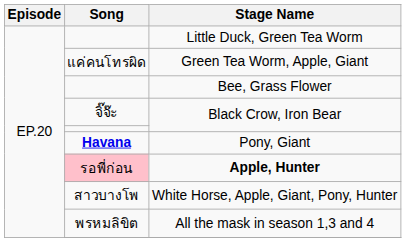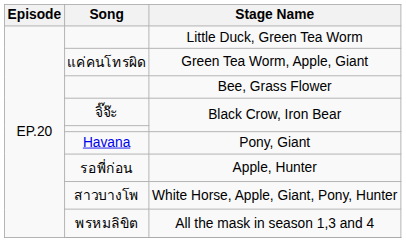 <table class="wikitable">
 <tr>
 <th>Episode</th>
 <th>Song</th>
 <th>Stage Name</th>
 </tr>
 <tr>
 <td rowspan="11" align="center">EP.20</td>
 <td align="center"></td>
 <td align="center">Little Duck, Green Tea Worm</td>
 </tr>
 <tr>
 <td align="center">แค่คนโทรผิด</td>
 <td align="center">Green Tea Worm, Apple, Giant</td>
 </tr>
 <tr>
 <td align="center"></td>
 <td align="center">Bee, Grass Flower</td>
 </tr>
 <tr>
 <td align="center">จิ๊จ๊ะ</td>
 <td rowspan="2" align="center">Black Crow, Iron Bear</td>
 </tr>
 <tr>
 <td align="center"></td>
 </tr>
 <tr>
-<td align="center"><strong><a href='#'>Havana</a></strong></td>
+<td align="center"><a href='#'>Havana</a></td>
 <td align="center">Pony, Giant</td>
 </tr>
 <tr>
-<td align="center" style="background: pink;">รอพี่ก่อน</td>
-<td align="center"><strong>Apple, Hunter</strong></td>
+<td align="center">รอพี่ก่อน</td>
+<td align="center">Apple, Hunter</td>
 </tr>
 <tr>
 <td align="center">สาวบางโพ</td>
 <td align="center">White Horse, Apple, Giant, Pony, Hunter</td>
 </tr>
 <tr>
 <td align="center">พรหมลิขิต</td>
 <td align="center">All the mask in season 1,3 and 4</td>
 </tr>
 <tr>
 </tr>
 </table>
